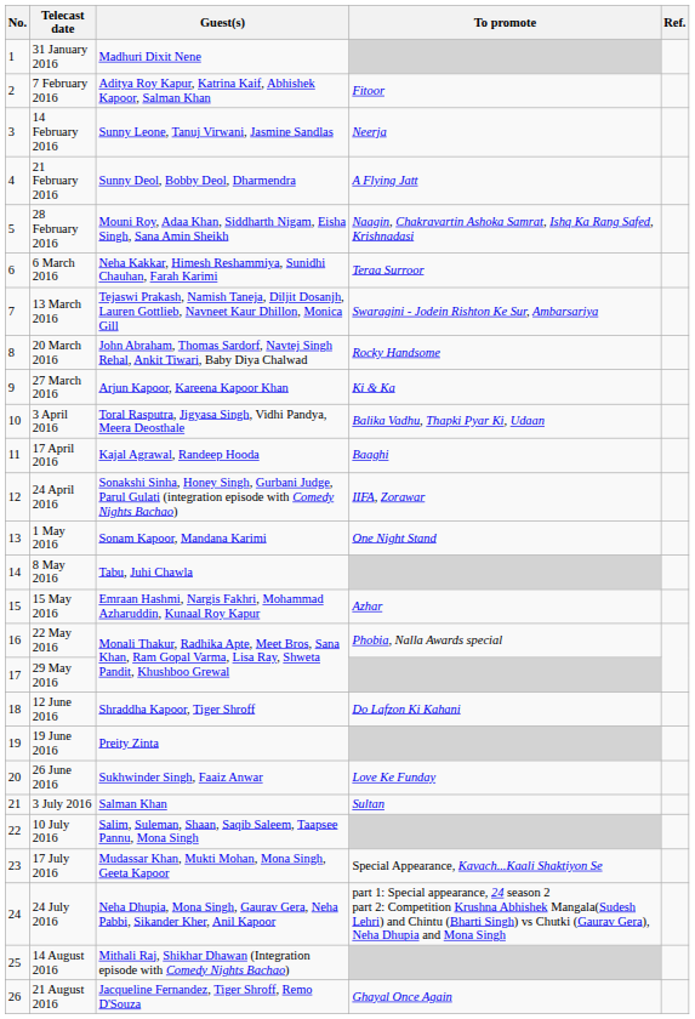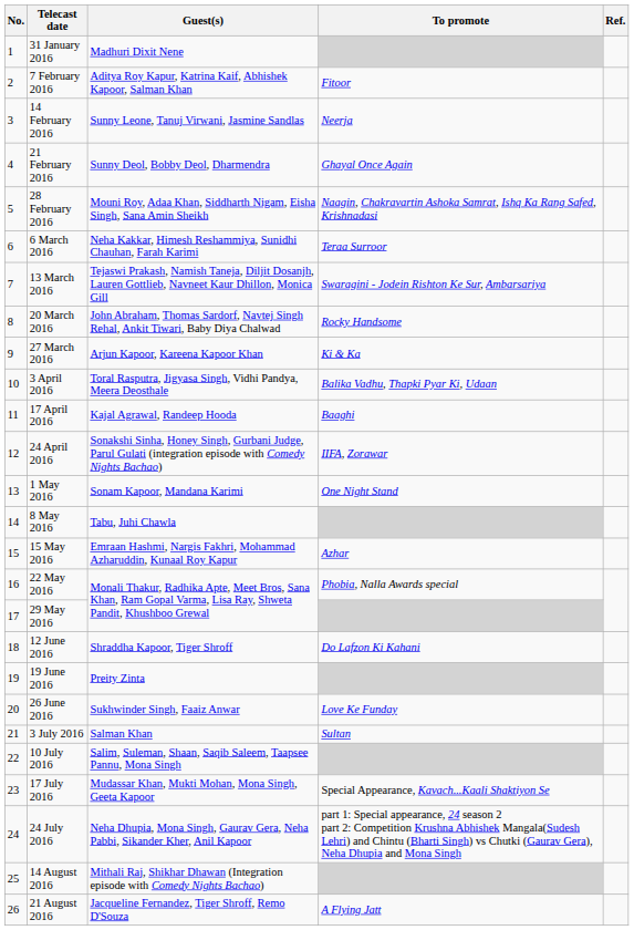 <table class="wikitable">
 <tr>
 <th>No.</th>
 <th>Telecast date</th>
 <th>Guest(s)</th>
 <th>To promote</th>
 <th>Ref.</th>
 </tr>
 <tr>
 <td>1</td>
 <td>31 January 2016</td>
 <td><a href='#'>Madhuri Dixit Nene</a></td>
 <td style="background-color:#D3D3D3;"></td>
 <td></td>
 </tr>
 <tr>
 <td>2</td>
 <td>7 February 2016</td>
 <td><a href='#'>Aditya Roy Kapur</a>, <a href='#'>Katrina Kaif</a>, <a href='#'>Abhishek Kapoor</a>, <a href='#'>Salman Khan</a></td>
 <td><em><a href='#'>Fitoor</a></em></td>
 <td></td>
 </tr>
 <tr>
 <td>3</td>
 <td>14 February 2016</td>
 <td><a href='#'>Sunny Leone</a>, <a href='#'>Tanuj Virwani</a>, <a href='#'>Jasmine Sandlas</a></td>
 <td><em><a href='#'>Neerja</a></em></td>
 <td></td>
 </tr>
 <tr>
 <td>4</td>
 <td>21 February 2016</td>
 <td><a href='#'>Sunny Deol</a>, <a href='#'>Bobby Deol</a>, <a href='#'>Dharmendra</a></td>
-<td><em><a href='#'>A Flying Jatt</a></em></td>
+<td><em><a href='#'>Ghayal Once Again</a></em></td>
 <td></td>
 </tr>
 <tr>
 <td>5</td>
 <td>28 February 2016</td>
 <td><a href='#'>Mouni Roy</a>, <a href='#'>Adaa Khan</a>, <a href='#'>Siddharth Nigam</a>, <a href='#'>Eisha Singh</a>, <a href='#'>Sana Amin Sheikh</a></td>
 <td><em><a href='#'>Naagin</a>, <a href='#'>Chakravartin Ashoka Samrat</a>, <a href='#'>Ishq Ka Rang Safed</a>, <a href='#'>Krishnadasi</a></em></td>
 <td></td>
 </tr>
 <tr>
 <td>6</td>
 <td>6 March 2016</td>
 <td><a href='#'>Neha Kakkar</a>, <a href='#'>Himesh Reshammiya</a>, <a href='#'>Sunidhi Chauhan</a>, <a href='#'>Farah Karimi</a></td>
 <td><em><a href='#'>Teraa Surroor</a></em></td>
 <td></td>
 </tr>
 <tr>
 <td>7</td>
 <td>13 March 2016</td>
 <td><a href='#'>Tejaswi Prakash</a>, <a href='#'>Namish Taneja</a>, <a href='#'>Diljit Dosanjh</a>, <a href='#'>Lauren Gottlieb</a>, <a href='#'>Navneet Kaur Dhillon</a>, <a href='#'>Monica Gill</a></td>
 <td><em><a href='#'>Swaragini - Jodein Rishton Ke Sur</a>, <a href='#'>Ambarsariya</a></em></td>
 <td></td>
 </tr>
 <tr>
 <td>8</td>
 <td>20 March 2016</td>
 <td><a href='#'>John Abraham</a>, <a href='#'>Thomas Sardorf</a>, <a href='#'>Navtej Singh Rehal</a>, <a href='#'>Ankit Tiwari</a>, Baby Diya Chalwad</td>
 <td><em><a href='#'>Rocky Handsome</a></em></td>
 <td></td>
 </tr>
 <tr>
 <td>9</td>
 <td>27 March 2016</td>
 <td><a href='#'>Arjun Kapoor</a>, <a href='#'>Kareena Kapoor Khan</a></td>
 <td><em><a href='#'>Ki & Ka</a></em></td>
 <td></td>
 </tr>
 <tr>
 <td>10</td>
 <td>3 April 2016</td>
 <td><a href='#'>Toral Rasputra</a>, <a href='#'>Jigyasa Singh</a>, Vidhi Pandya, <a href='#'>Meera Deosthale</a></td>
 <td><em><a href='#'>Balika Vadhu</a>, <a href='#'>Thapki Pyar Ki</a>, <a href='#'>Udaan</a></em></td>
 <td></td>
 </tr>
 <tr>
 <td>11</td>
 <td>17 April 2016</td>
 <td><a href='#'>Kajal Agrawal</a>, <a href='#'>Randeep Hooda</a></td>
 <td><em><a href='#'>Baaghi</a></em></td>
 <td></td>
 </tr>
 <tr>
 <td>12</td>
 <td>24 April 2016</td>
 <td><a href='#'>Sonakshi Sinha</a>, <a href='#'>Honey Singh</a>, <a href='#'>Gurbani Judge</a>, <a href='#'>Parul Gulati</a> (integration episode with <em><a href='#'>Comedy Nights Bachao</a></em>)</td>
 <td><em><a href='#'>IIFA</a></em>, <em><a href='#'>Zorawar</a></em></td>
 <td></td>
 </tr>
 <tr>
 <td>13</td>
 <td>1 May 2016</td>
 <td><a href='#'>Sonam Kapoor</a>, <a href='#'>Mandana Karimi</a></td>
 <td><em><a href='#'>One Night Stand</a></em></td>
 <td></td>
 </tr>
 <tr>
 <td>14</td>
 <td>8 May 2016</td>
 <td><a href='#'>Tabu</a>, <a href='#'>Juhi Chawla</a></td>
 <td style="background-color:#D3D3D3;"></td>
 <td></td>
 </tr>
 <tr>
 <td>15</td>
 <td>15 May 2016</td>
 <td><a href='#'>Emraan Hashmi</a>, <a href='#'>Nargis Fakhri</a>, <a href='#'>Mohammad Azharuddin</a>, <a href='#'>Kunaal Roy Kapur</a></td>
 <td><em><a href='#'>Azhar</a></em></td>
 <td></td>
 </tr>
 <tr>
 <td>16</td>
 <td>22 May 2016</td>
 <td rowspan="2"><a href='#'>Monali Thakur</a>, <a href='#'>Radhika Apte</a>, <a href='#'>Meet Bros</a>, <a href='#'>Sana Khan</a>, <a href='#'>Ram Gopal Varma</a>, <a href='#'>Lisa Ray</a>, <a href='#'>Shweta Pandit</a>, <a href='#'>Khushboo Grewal</a></td>
 <td><em><a href='#'>Phobia</a></em>, <em>Nalla Awards special</em></td>
 <td rowspan="2"></td>
 </tr>
 <tr>
 <td>17</td>
 <td>29 May 2016</td>
 <td style="background-color:#D3D3D3;"></td>
 </tr>
 <tr>
 <td>18</td>
 <td>12 June 2016</td>
 <td><a href='#'>Shraddha Kapoor</a>, <a href='#'>Tiger Shroff</a></td>
 <td><em><a href='#'>Do Lafzon Ki Kahani</a></em></td>
 <td></td>
 </tr>
 <tr>
 <td>19</td>
 <td>19 June 2016</td>
 <td><a href='#'>Preity Zinta</a></td>
 <td style="background-color:#D3D3D3;"></td>
 <td></td>
 </tr>
 <tr>
 <td>20</td>
 <td>26 June 2016</td>
 <td><a href='#'>Sukhwinder Singh</a>, <a href='#'>Faaiz Anwar</a></td>
 <td><em><a href='#'>Love Ke Funday</a></em></td>
 <td></td>
 </tr>
 <tr>
 <td>21</td>
 <td>3 July 2016</td>
 <td><a href='#'>Salman Khan</a></td>
 <td><em><a href='#'>Sultan</a></em></td>
 <td></td>
 </tr>
 <tr>
 <td>22</td>
 <td>10 July 2016</td>
 <td><a href='#'>Salim</a>, <a href='#'>Suleman</a>, <a href='#'>Shaan</a>, <a href='#'>Saqib Saleem</a>, <a href='#'>Taapsee Pannu</a>, <a href='#'>Mona Singh</a></td>
 <td style="background-color:#D3D3D3;"></td>
 <td></td>
 </tr>
 <tr>
 <td>23</td>
 <td>17 July 2016</td>
 <td><a href='#'>Mudassar Khan</a>, <a href='#'>Mukti Mohan</a>, <a href='#'>Mona Singh</a>, <a href='#'>Geeta Kapoor</a></td>
 <td>Special Appearance, <em><a href='#'>Kavach...Kaali Shaktiyon Se</a></em></td>
 <td></td>
 </tr>
 <tr>
 <td>24</td>
 <td>24 July 2016</td>
 <td><a href='#'>Neha Dhupia</a>, <a href='#'>Mona Singh</a>, <a href='#'>Gaurav Gera</a>, <a href='#'>Neha Pabbi</a>, <a href='#'>Sikander Kher</a>, <a href='#'>Anil Kapoor</a></td>
 <td>part 1: Special appearance, <em><a href='#'>24</a></em> season 2<br>part 2: Competition <a href='#'>Krushna Abhishek</a> Mangala(<a href='#'>Sudesh Lehri</a>) and Chintu (<a href='#'>Bharti Singh</a>) vs Chutki (<a href='#'>Gaurav Gera</a>), <a href='#'>Neha Dhupia</a> and <a href='#'>Mona Singh</a></td>
 <td></td>
 </tr>
 <tr>
 <td>25</td>
 <td>14 August 2016</td>
 <td><a href='#'>Mithali Raj</a>, <a href='#'>Shikhar Dhawan</a> (Integration episode with <em><a href='#'>Comedy Nights Bachao</a></em>)</td>
 <td style="background-color:#D3D3D3;"></td>
 <td></td>
 </tr>
 <tr>
 <td>26</td>
 <td>21 August 2016</td>
 <td><a href='#'>Jacqueline Fernandez</a>, <a href='#'>Tiger Shroff</a>, <a href='#'>Remo D'Souza</a></td>
-<td><em><a href='#'>Ghayal Once Again</a></em></td>
+<td><em><a href='#'>A Flying Jatt</a></em></td>
 <td></td>
 </tr>
 </table>
